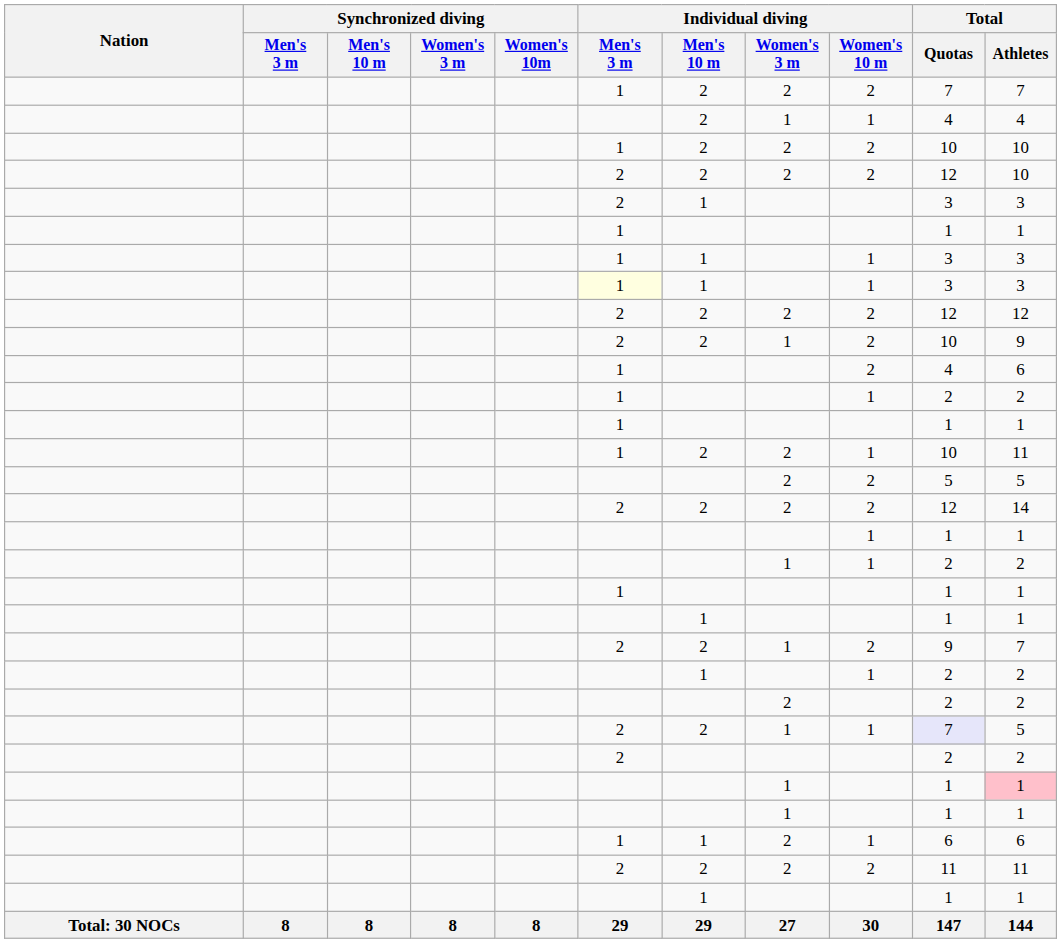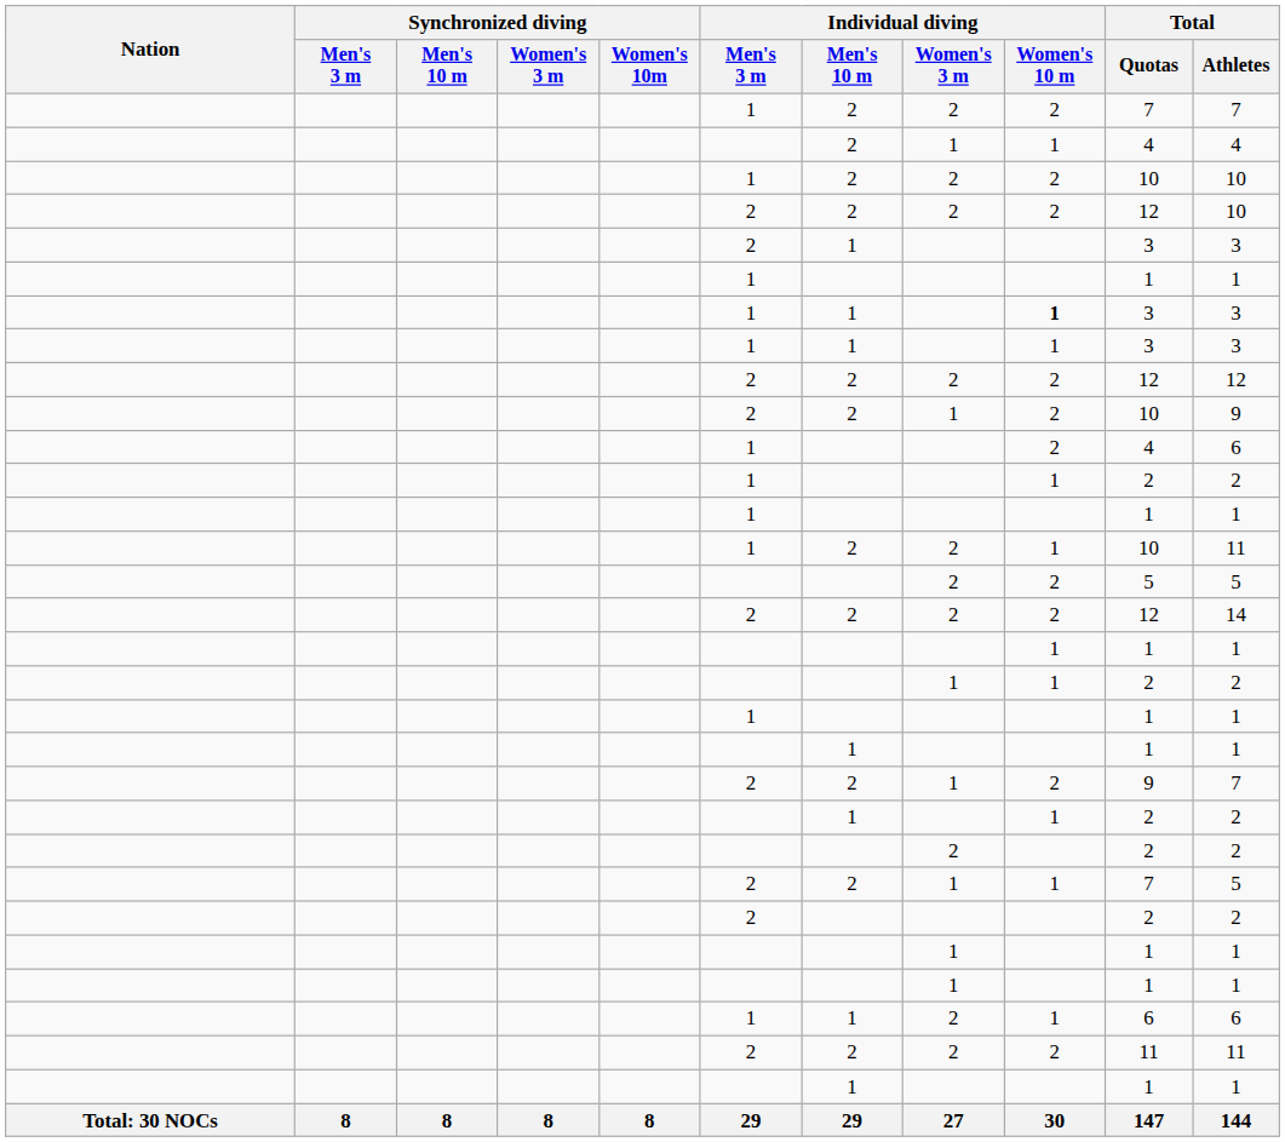 <table class="wikitable" width=900 style="text-align:center; font-size:90%">
 <tr>
 <th rowspan="2" style="text-align:center;">Nation</th>
 <th colspan="4">Synchronized diving</th>
 <th colspan="4">Individual diving</th>
 <th colspan="2">Total</th>
 </tr>
 <tr style="font-size:95%">
 <th width=65><a href='#'>Men's<br>3 m</a></th>
 <th width=65><a href='#'>Men's<br>10 m</a></th>
 <th width=65><a href='#'>Women's<br>3 m</a></th>
 <th width=65><a href='#'>Women's<br>10m</a></th>
 <th width=65><a href='#'>Men's<br>3 m</a></th>
 <th width=65><a href='#'>Men's<br>10 m</a></th>
 <th width=65><a href='#'>Women's<br>3 m</a></th>
 <th width=65><a href='#'>Women's<br>10 m</a></th>
 <th width=55>Quotas</th>
 <th width=55>Athletes</th>
 </tr>
 <tr>
 <td style="text-align:left;"></td>
 <td></td>
 <td></td>
 <td></td>
 <td></td>
 <td>1</td>
 <td>2</td>
 <td>2</td>
 <td>2</td>
 <td>7</td>
 <td>7</td>
 </tr>
 <tr>
 <td style="text-align:left;"></td>
 <td></td>
 <td></td>
 <td></td>
 <td></td>
 <td></td>
 <td>2</td>
 <td>1</td>
 <td>1</td>
 <td>4</td>
 <td>4</td>
 </tr>
 <tr>
 <td style="text-align:left;"></td>
 <td></td>
 <td></td>
 <td></td>
 <td></td>
 <td>1</td>
 <td>2</td>
 <td>2</td>
 <td>2</td>
 <td>10</td>
 <td>10</td>
 </tr>
 <tr>
 <td style="text-align:left;"></td>
 <td></td>
 <td></td>
 <td></td>
 <td></td>
 <td>2</td>
 <td>2</td>
 <td>2</td>
 <td>2</td>
 <td>12</td>
 <td>10</td>
 </tr>
 <tr>
 <td style="text-align:left;"></td>
 <td></td>
 <td></td>
 <td></td>
 <td></td>
 <td>2</td>
 <td>1</td>
 <td></td>
 <td></td>
 <td>3</td>
 <td>3</td>
 </tr>
 <tr>
 <td style="text-align:left;"></td>
 <td></td>
 <td></td>
 <td></td>
 <td></td>
 <td>1</td>
 <td></td>
 <td></td>
 <td></td>
 <td>1</td>
 <td>1</td>
 </tr>
 <tr>
 <td style="text-align:left;"></td>
 <td></td>
 <td></td>
 <td></td>
 <td></td>
 <td>1</td>
 <td>1</td>
 <td></td>
-<td>1</td>
+<td><strong>1</strong></td>
 <td>3</td>
 <td>3</td>
 </tr>
 <tr>
 <td style="text-align:left;"></td>
 <td></td>
 <td></td>
 <td></td>
 <td></td>
-<td style="background: lightyellow;">1</td>
+<td>1</td>
 <td>1</td>
 <td></td>
 <td>1</td>
 <td>3</td>
 <td>3</td>
 </tr>
 <tr>
 <td style="text-align:left;"></td>
 <td></td>
 <td></td>
 <td></td>
 <td></td>
 <td>2</td>
 <td>2</td>
 <td>2</td>
 <td>2</td>
 <td>12</td>
 <td>12</td>
 </tr>
 <tr>
 <td style="text-align:left;"></td>
 <td></td>
 <td></td>
 <td></td>
 <td></td>
 <td>2</td>
 <td>2</td>
 <td>1</td>
 <td>2</td>
 <td>10</td>
 <td>9</td>
 </tr>
 <tr>
 <td style="text-align:left;"></td>
 <td></td>
 <td></td>
 <td></td>
 <td></td>
 <td>1</td>
 <td></td>
 <td></td>
 <td>2</td>
 <td>4</td>
 <td>6</td>
 </tr>
 <tr>
 <td style="text-align:left;"></td>
 <td></td>
 <td></td>
 <td></td>
 <td></td>
 <td>1</td>
 <td></td>
 <td></td>
 <td>1</td>
 <td>2</td>
 <td>2</td>
 </tr>
 <tr>
 <td style="text-align:left;"></td>
 <td></td>
 <td></td>
 <td></td>
 <td></td>
 <td>1</td>
 <td></td>
 <td></td>
 <td></td>
 <td>1</td>
 <td>1</td>
 </tr>
 <tr>
 <td style="text-align:left;"></td>
 <td></td>
 <td></td>
 <td></td>
 <td></td>
 <td>1</td>
 <td>2</td>
 <td>2</td>
 <td>1</td>
 <td>10</td>
 <td>11</td>
 </tr>
 <tr>
 <td style="text-align:left;"></td>
 <td></td>
 <td></td>
 <td></td>
 <td></td>
 <td></td>
 <td></td>
 <td>2</td>
 <td>2</td>
 <td>5</td>
 <td>5</td>
 </tr>
 <tr>
 <td style="text-align:left;"></td>
 <td></td>
 <td></td>
 <td></td>
 <td></td>
 <td>2</td>
 <td>2</td>
 <td>2</td>
 <td>2</td>
 <td>12</td>
 <td>14</td>
 </tr>
 <tr>
 <td style="text-align:left;"></td>
 <td></td>
 <td></td>
 <td></td>
 <td></td>
 <td></td>
 <td></td>
 <td></td>
 <td>1</td>
 <td>1</td>
 <td>1</td>
 </tr>
 <tr>
 <td style="text-align:left;"></td>
 <td></td>
 <td></td>
 <td></td>
 <td></td>
 <td></td>
 <td></td>
 <td>1</td>
 <td>1</td>
 <td>2</td>
 <td>2</td>
 </tr>
 <tr>
 <td style="text-align:left;"></td>
 <td></td>
 <td></td>
 <td></td>
 <td></td>
 <td>1</td>
 <td></td>
 <td></td>
 <td></td>
 <td>1</td>
 <td>1</td>
 </tr>
 <tr>
 <td style="text-align:left;"></td>
 <td></td>
 <td></td>
 <td></td>
 <td></td>
 <td></td>
 <td>1</td>
 <td></td>
 <td></td>
 <td>1</td>
 <td>1</td>
 </tr>
 <tr>
 <td style="text-align:left;"></td>
 <td></td>
 <td></td>
 <td></td>
 <td></td>
 <td>2</td>
 <td>2</td>
 <td>1</td>
 <td>2</td>
 <td>9</td>
 <td>7</td>
 </tr>
 <tr>
 <td style="text-align:left;"></td>
 <td></td>
 <td></td>
 <td></td>
 <td></td>
 <td></td>
 <td>1</td>
 <td></td>
 <td>1</td>
 <td>2</td>
 <td>2</td>
 </tr>
 <tr>
 <td style="text-align:left;"></td>
 <td></td>
 <td></td>
 <td></td>
 <td></td>
 <td></td>
 <td></td>
 <td>2</td>
 <td></td>
 <td>2</td>
 <td>2</td>
 </tr>
 <tr>
 <td style="text-align:left;"></td>
 <td></td>
 <td></td>
 <td></td>
 <td></td>
 <td>2</td>
 <td>2</td>
 <td>1</td>
 <td>1</td>
-<td style="background: lavender;">7</td>
+<td>7</td>
 <td>5</td>
 </tr>
 <tr>
 <td style="text-align:left;"></td>
 <td></td>
 <td></td>
 <td></td>
 <td></td>
 <td>2</td>
 <td></td>
 <td></td>
 <td></td>
 <td>2</td>
 <td>2</td>
 </tr>
 <tr>
 <td style="text-align:left;"></td>
 <td></td>
 <td></td>
 <td></td>
 <td></td>
 <td></td>
 <td></td>
 <td>1</td>
 <td></td>
 <td>1</td>
-<td style="background: pink;">1</td>
+<td>1</td>
 </tr>
 <tr>
 <td style="text-align:left;"></td>
 <td></td>
 <td></td>
 <td></td>
 <td></td>
 <td></td>
 <td></td>
 <td>1</td>
 <td></td>
 <td>1</td>
 <td>1</td>
 </tr>
 <tr>
 <td style="text-align:left;"></td>
 <td></td>
 <td></td>
 <td></td>
 <td></td>
 <td>1</td>
 <td>1</td>
 <td>2</td>
 <td>1</td>
 <td>6</td>
 <td>6</td>
 </tr>
 <tr>
 <td style="text-align:left;"></td>
 <td></td>
 <td></td>
 <td></td>
 <td></td>
 <td>2</td>
 <td>2</td>
 <td>2</td>
 <td>2</td>
 <td>11</td>
 <td>11</td>
 </tr>
 <tr>
 <td style="text-align:left;"></td>
 <td></td>
 <td></td>
 <td></td>
 <td></td>
 <td></td>
 <td>1</td>
 <td></td>
 <td></td>
 <td>1</td>
 <td>1</td>
 </tr>
 <tr>
 <th>Total: 30 NOCs</th>
 <th>8</th>
 <th>8</th>
 <th>8</th>
 <th>8</th>
 <th>29</th>
 <th>29</th>
 <th>27</th>
 <th>30</th>
 <th>147</th>
 <th>144</th>
 </tr>
 </table>
